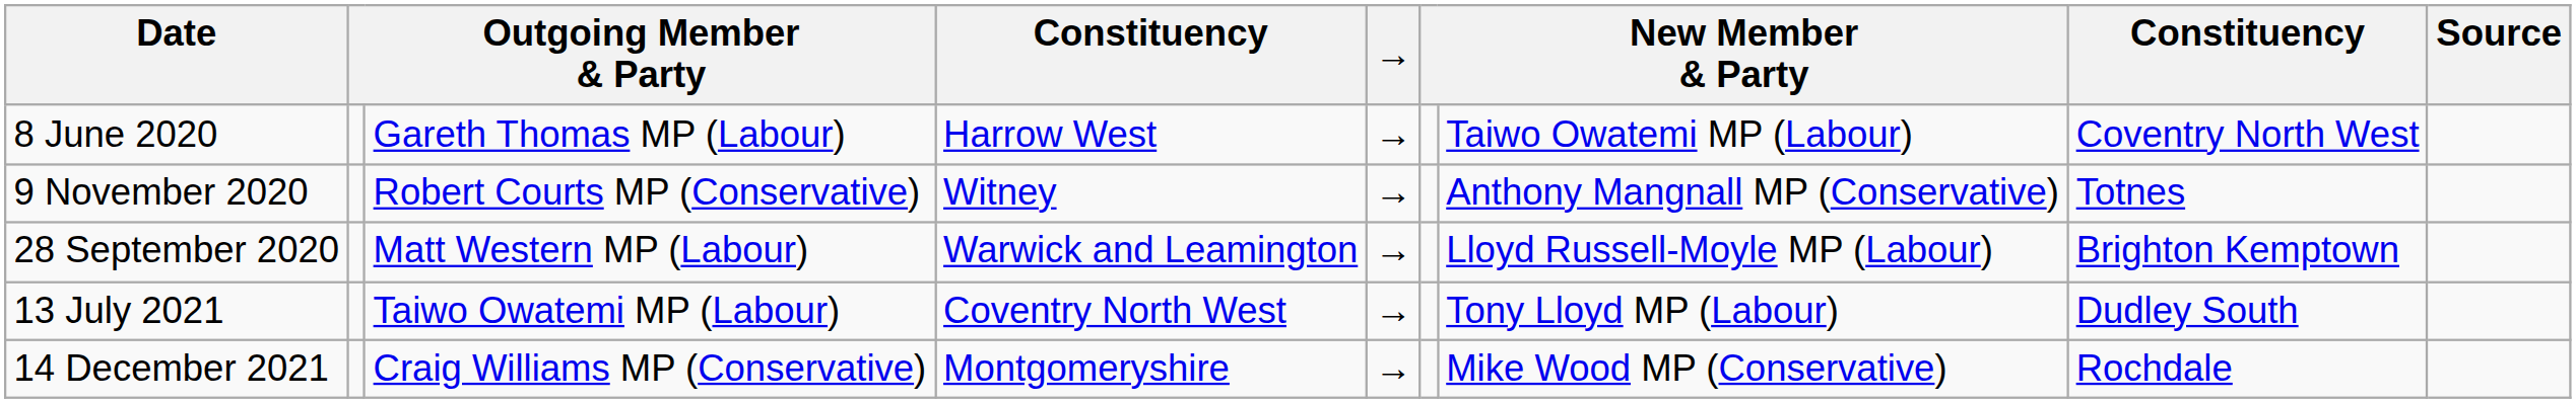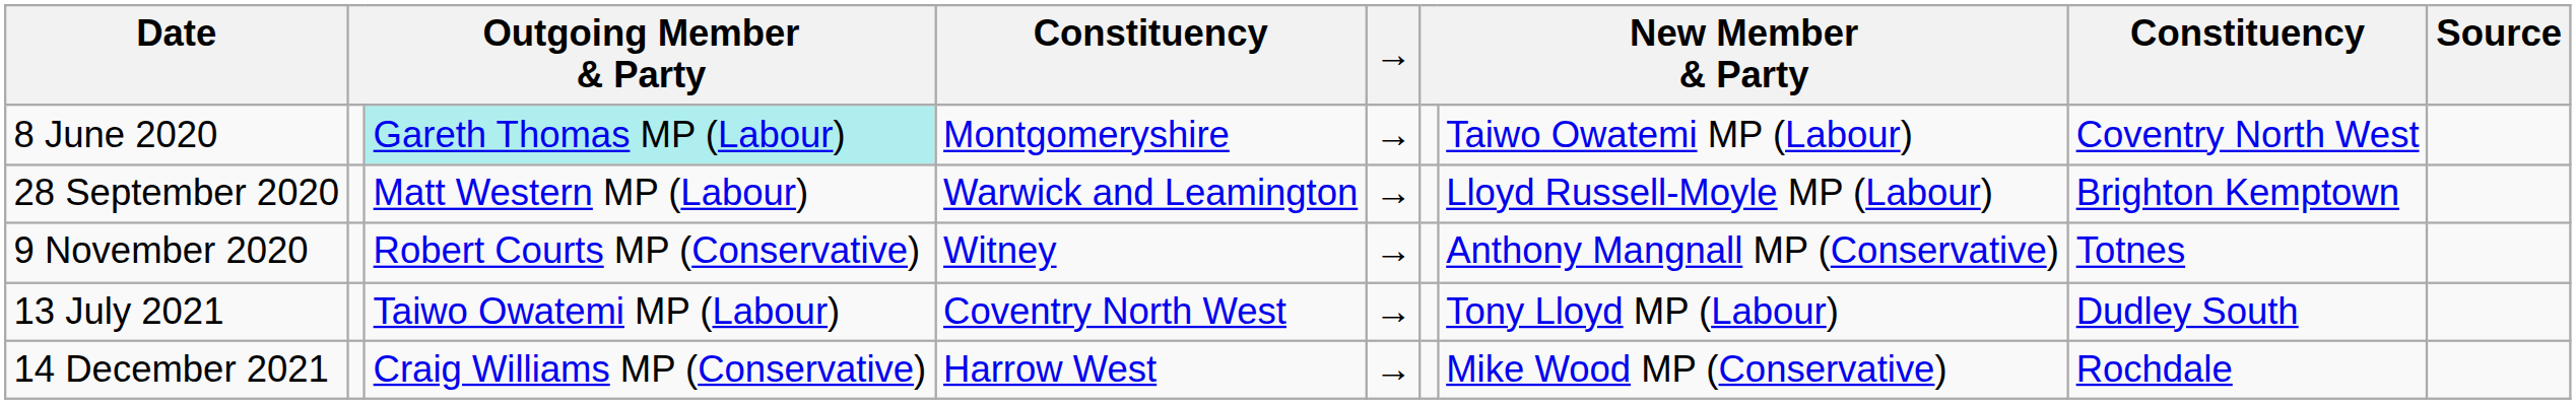 <table class="wikitable">
 <tr>
 <th valign="top">Date</th>
 <th colspan="2" valign="top">Outgoing Member<br>& Party</th>
 <th valign="top">Constituency</th>
 <th>→</th>
 <th colspan="2" valign="top">New Member<br>& Party</th>
 <th valign="top">Constituency</th>
 <th valign="top">Source</th>
 </tr>
 <tr>
 <td nowrap>8 June 2020</td>
 <td style="color:inherit;background:"></td>
-<td><a href='#'>Gareth Thomas</a> MP (<a href='#'>Labour</a>)</td>
-<td><a href='#'>Harrow West</a></td>
+<td style="background: paleturquoise;"><a href='#'>Gareth Thomas</a> MP (<a href='#'>Labour</a>)</td>
+<td><a href='#'>Montgomeryshire</a></td>
 <td>→</td>
 <td style="color:inherit;background:"></td>
 <td><a href='#'>Taiwo Owatemi</a> MP (<a href='#'>Labour</a>)</td>
 <td><a href='#'>Coventry North West</a></td>
+<td></td>
+</tr>
+<tr>
+<td nowrap>28 September 2020</td>
+<td style="color:inherit;background:"></td>
+<td><a href='#'>Matt Western</a> MP (<a href='#'>Labour</a>)</td>
+<td><a href='#'>Warwick and Leamington</a></td>
+<td>→</td>
+<td style="color:inherit;background:"></td>
+<td><a href='#'>Lloyd Russell-Moyle</a> MP (<a href='#'>Labour</a>)</td>
+<td><a href='#'>Brighton Kemptown</a></td>
 <td></td>
 </tr>
 <tr>
 <td nowrap>9 November 2020</td>
 <td style="color:inherit;background:"></td>
 <td><a href='#'>Robert Courts</a> MP (<a href='#'>Conservative</a>)</td>
 <td><a href='#'>Witney</a></td>
 <td>→</td>
 <td style="color:inherit;background:"></td>
 <td><a href='#'>Anthony Mangnall</a> MP (<a href='#'>Conservative</a>)</td>
 <td><a href='#'>Totnes</a></td>
-<td></td>
-</tr>
-<tr>
-<td nowrap>28 September 2020</td>
-<td style="color:inherit;background:"></td>
-<td><a href='#'>Matt Western</a> MP (<a href='#'>Labour</a>)</td>
-<td><a href='#'>Warwick and Leamington</a></td>
-<td>→</td>
-<td style="color:inherit;background:"></td>
-<td><a href='#'>Lloyd Russell-Moyle</a> MP (<a href='#'>Labour</a>)</td>
-<td><a href='#'>Brighton Kemptown</a></td>
 <td></td>
 </tr>
 <tr>
 <td nowrap>13 July 2021</td>
 <td style="color:inherit;background:"></td>
 <td><a href='#'>Taiwo Owatemi</a> MP (<a href='#'>Labour</a>)</td>
 <td><a href='#'>Coventry North West</a></td>
 <td>→</td>
 <td style="color:inherit;background:"></td>
 <td><a href='#'>Tony Lloyd</a> MP (<a href='#'>Labour</a>)</td>
 <td><a href='#'>Dudley South</a></td>
 <td></td>
 </tr>
 <tr>
 <td nowrap>14 December 2021</td>
 <td style="color:inherit;background:"></td>
 <td><a href='#'>Craig Williams</a> MP (<a href='#'>Conservative</a>)</td>
-<td><a href='#'>Montgomeryshire</a></td>
+<td><a href='#'>Harrow West</a></td>
 <td>→</td>
 <td style="color:inherit;background:"></td>
 <td><a href='#'>Mike Wood</a> MP (<a href='#'>Conservative</a>)</td>
 <td><a href='#'>Rochdale</a></td>
 <td></td>
 </tr>
 </table>
